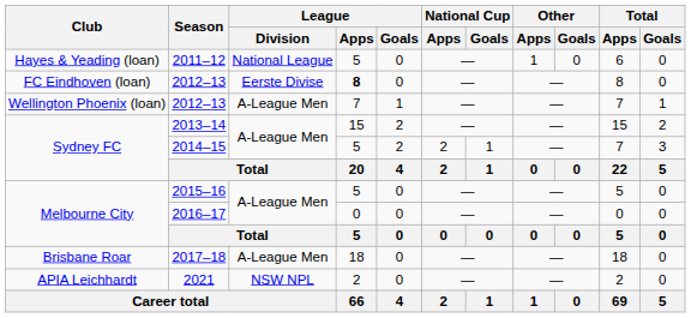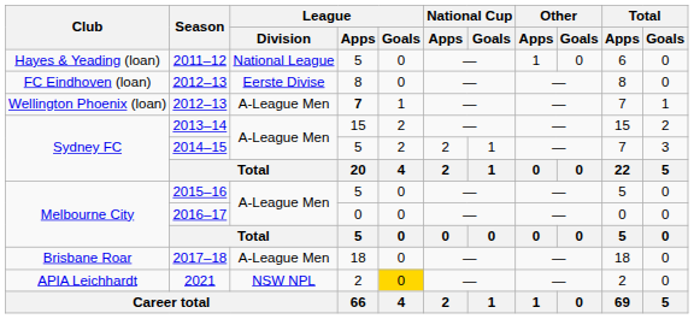 <table class="wikitable" border="1" style="font-size:100%; text-align: center;">
 <tr>
 <th rowspan="2">Club</th>
 <th rowspan="2">Season</th>
 <th colspan="3">League</th>
 <th colspan="2">National Cup</th>
 <th colspan="2">Other</th>
 <th colspan="2">Total</th>
 </tr>
 <tr>
 <th>Division</th>
 <th>Apps</th>
 <th>Goals</th>
 <th>Apps</th>
 <th>Goals</th>
 <th>Apps</th>
 <th>Goals</th>
 <th>Apps</th>
 <th>Goals</th>
 </tr>
 <tr>
 <td><a href='#'>Hayes & Yeading</a> (loan)</td>
 <td><a href='#'>2011–12</a></td>
 <td><a href='#'>National League</a></td>
 <td>5</td>
 <td>0</td>
 <td colspan="2">—</td>
 <td>1</td>
 <td>0</td>
 <td>6</td>
 <td>0</td>
 </tr>
 <tr>
 <td><a href='#'>FC Eindhoven</a> (loan)</td>
 <td><a href='#'>2012–13</a></td>
 <td><a href='#'>Eerste Divise</a></td>
-<td><strong>8</strong></td>
+<td>8</td>
 <td>0</td>
 <td colspan="2">—</td>
 <td colspan="2">—</td>
 <td>8</td>
 <td>0</td>
 </tr>
 <tr>
 <td><a href='#'>Wellington Phoenix</a> (loan)</td>
 <td><a href='#'>2012–13</a></td>
 <td>A-League Men</td>
-<td>7</td>
+<td><strong>7</strong></td>
 <td>1</td>
 <td colspan="2">—</td>
 <td colspan="2">—</td>
 <td>7</td>
 <td>1</td>
 </tr>
 <tr>
 <td rowspan="3" valign="center"><a href='#'>Sydney FC</a></td>
 <td><a href='#'>2013–14</a></td>
 <td rowspan="2">A-League Men</td>
 <td>15</td>
 <td>2</td>
 <td colspan="2">—</td>
 <td colspan="2">—</td>
 <td>15</td>
 <td>2</td>
 </tr>
 <tr>
 <td><a href='#'>2014–15</a></td>
 <td>5</td>
 <td>2</td>
 <td>2</td>
 <td>1</td>
 <td colspan="2">—</td>
 <td>7</td>
 <td>3</td>
 </tr>
 <tr>
 <th colspan="2">Total</th>
 <th>20</th>
 <th>4</th>
 <th>2</th>
 <th>1</th>
 <th>0</th>
 <th>0</th>
 <th>22</th>
 <th>5</th>
 </tr>
 <tr>
 <td rowspan="3"><a href='#'>Melbourne City</a></td>
 <td><a href='#'>2015–16</a></td>
 <td rowspan="2">A-League Men</td>
 <td>5</td>
 <td>0</td>
 <td colspan="2">—</td>
 <td colspan="2">—</td>
 <td>5</td>
 <td>0</td>
 </tr>
 <tr>
 <td><a href='#'>2016–17</a></td>
 <td>0</td>
 <td>0</td>
 <td colspan="2">—</td>
 <td colspan="2">—</td>
 <td>0</td>
 <td>0</td>
 </tr>
 <tr>
 <th colspan="2">Total</th>
 <th>5</th>
 <th>0</th>
 <th>0</th>
 <th>0</th>
 <th>0</th>
 <th>0</th>
 <th>5</th>
 <th>0</th>
 </tr>
 <tr>
 <td><a href='#'>Brisbane Roar</a></td>
 <td><a href='#'>2017–18</a></td>
 <td>A-League Men</td>
 <td>18</td>
 <td>0</td>
 <td colspan="2">—</td>
 <td colspan="2">—</td>
 <td>18</td>
 <td>0</td>
 </tr>
 <tr>
 <td><a href='#'>APIA Leichhardt</a></td>
 <td><a href='#'>2021</a></td>
 <td><a href='#'>NSW NPL</a></td>
 <td>2</td>
-<td>0</td>
+<td style="background: gold;">0</td>
 <td colspan="2">—</td>
 <td colspan="2">—</td>
 <td>2</td>
 <td>0</td>
 </tr>
 <tr>
 <th colspan="3">Career total</th>
 <th>66</th>
 <th>4</th>
 <th>2</th>
 <th>1</th>
 <th>1</th>
 <th>0</th>
 <th>69</th>
 <th>5</th>
 </tr>
 </table>
